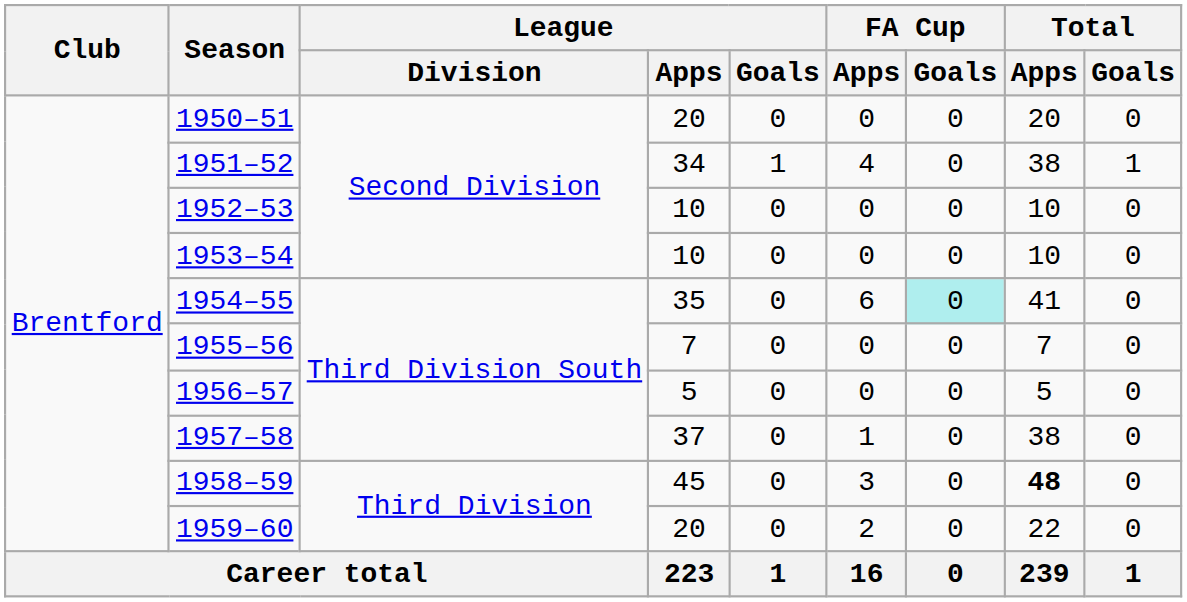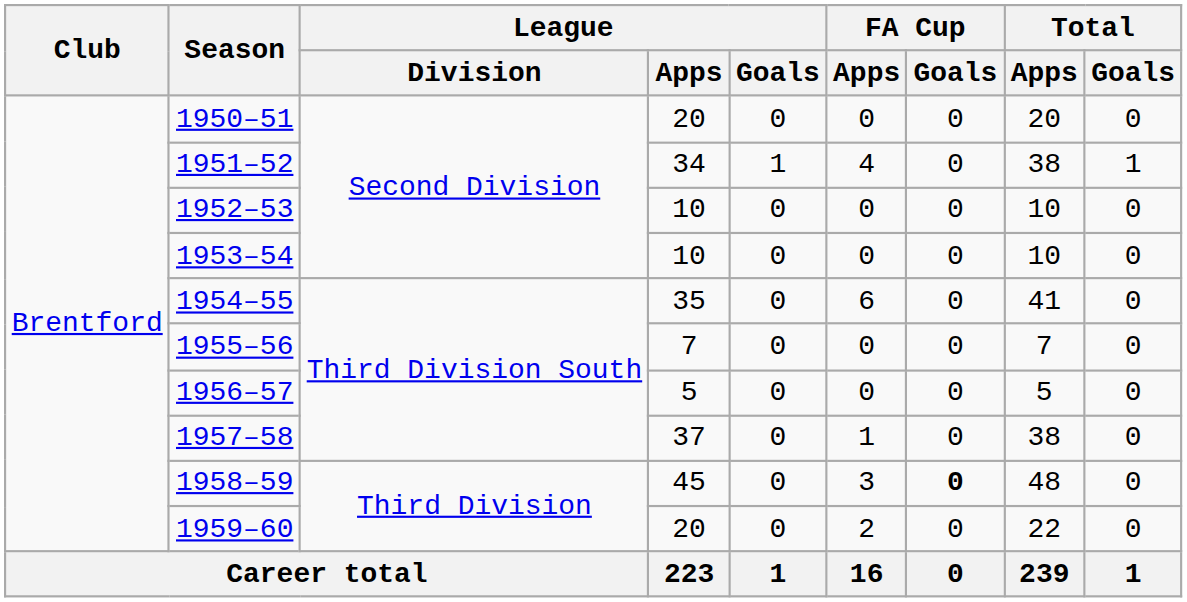 <table class="wikitable" style="text-align: center;">
 <tr>
 <th rowspan="2">Club</th>
 <th rowspan="2">Season</th>
 <th colspan="3">League</th>
 <th colspan="2">FA Cup</th>
 <th colspan="2">Total</th>
 </tr>
 <tr>
 <th>Division</th>
 <th>Apps</th>
 <th>Goals</th>
 <th>Apps</th>
 <th>Goals</th>
 <th>Apps</th>
 <th>Goals</th>
 </tr>
 <tr>
 <td rowspan="10"><a href='#'>Brentford</a></td>
 <td><a href='#'>1950–51</a></td>
 <td rowspan="4"><a href='#'>Second Division</a></td>
 <td>20</td>
 <td>0</td>
 <td>0</td>
 <td>0</td>
 <td>20</td>
 <td>0</td>
 </tr>
 <tr>
 <td><a href='#'>1951–52</a></td>
 <td>34</td>
 <td>1</td>
 <td>4</td>
 <td>0</td>
 <td>38</td>
 <td>1</td>
 </tr>
 <tr>
 <td><a href='#'>1952–53</a></td>
 <td>10</td>
 <td>0</td>
 <td>0</td>
 <td>0</td>
 <td>10</td>
 <td>0</td>
 </tr>
 <tr>
 <td><a href='#'>1953–54</a></td>
 <td>10</td>
 <td>0</td>
 <td>0</td>
 <td>0</td>
 <td>10</td>
 <td>0</td>
 </tr>
 <tr>
 <td><a href='#'>1954–55</a></td>
 <td rowspan="4"><a href='#'>Third Division South</a></td>
 <td>35</td>
 <td>0</td>
 <td>6</td>
-<td style="background: paleturquoise;">0</td>
+<td>0</td>
 <td>41</td>
 <td>0</td>
 </tr>
 <tr>
 <td><a href='#'>1955–56</a></td>
 <td>7</td>
 <td>0</td>
 <td>0</td>
 <td>0</td>
 <td>7</td>
 <td>0</td>
 </tr>
 <tr>
 <td><a href='#'>1956–57</a></td>
 <td>5</td>
 <td>0</td>
 <td>0</td>
 <td>0</td>
 <td>5</td>
 <td>0</td>
 </tr>
 <tr>
 <td><a href='#'>1957–58</a></td>
 <td>37</td>
 <td>0</td>
 <td>1</td>
 <td>0</td>
 <td>38</td>
 <td>0</td>
 </tr>
 <tr>
 <td><a href='#'>1958–59</a></td>
 <td rowspan="2"><a href='#'>Third Division</a></td>
 <td>45</td>
 <td>0</td>
 <td>3</td>
-<td>0</td>
-<td><strong>48</strong></td>
+<td><strong>0</strong></td>
+<td>48</td>
 <td>0</td>
 </tr>
 <tr>
 <td><a href='#'>1959–60</a></td>
 <td>20</td>
 <td>0</td>
 <td>2</td>
 <td>0</td>
 <td>22</td>
 <td>0</td>
 </tr>
 <tr>
 <th colspan="3">Career total</th>
 <th>223</th>
 <th>1</th>
 <th>16</th>
 <th>0</th>
 <th>239</th>
 <th>1</th>
 </tr>
 </table>
